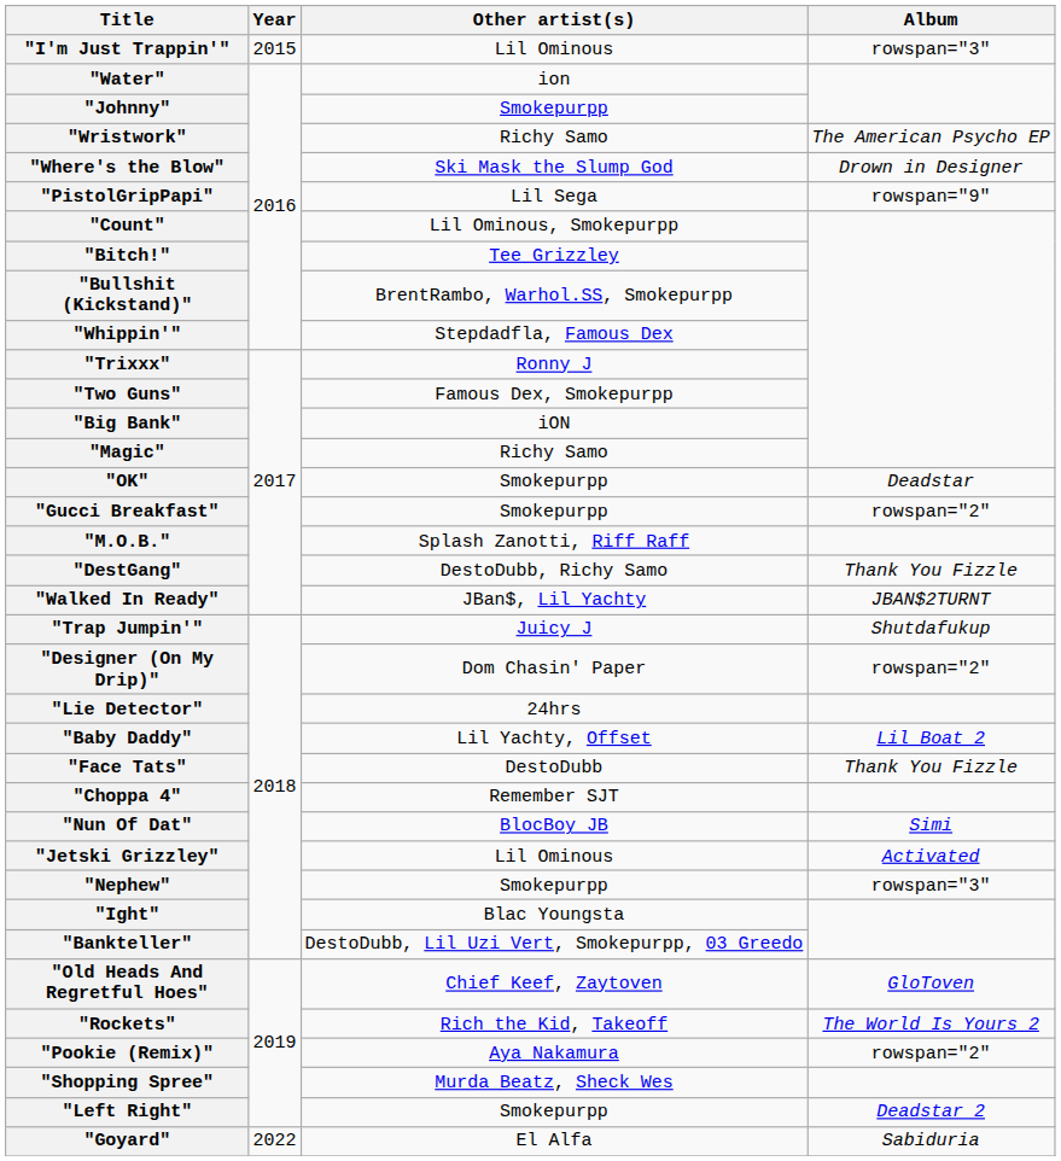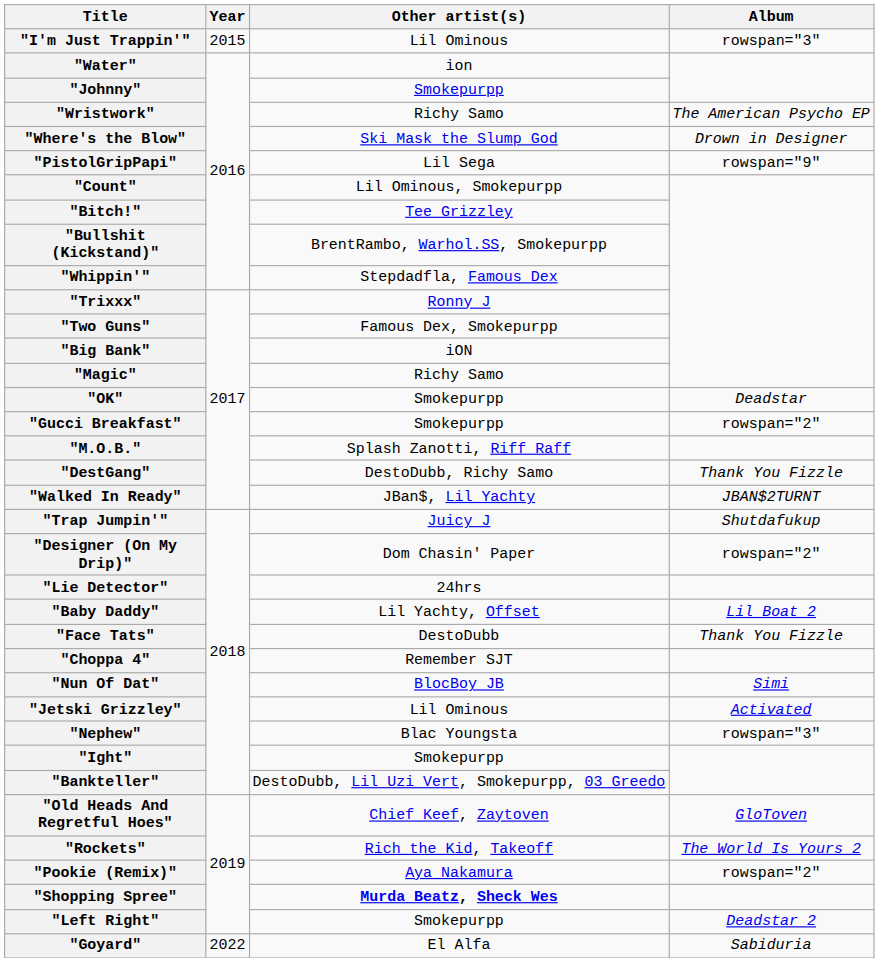 <table class="wikitable plainrowheaders" style="text-align:center;">
 <tr>
 <th scope="col" style="width:13em;">Title</th>
 <th scope="col">Year</th>
 <th scope="col">Other artist(s)</th>
 <th scope="col">Album</th>
 </tr>
 <tr>
 <th scope="row">"I'm Just Trappin'"</th>
 <td>2015</td>
 <td>Lil Ominous</td>
 <td>rowspan="3" </td>
 </tr>
 <tr>
 <th scope="row">"Water"</th>
 <td rowspan="9">2016</td>
 <td>ion</td>
 </tr>
 <tr>
 <th scope="row">"Johnny"</th>
 <td><a href='#'>Smokepurpp</a></td>
 </tr>
 <tr>
 <th scope="row">"Wristwork"</th>
 <td>Richy Samo</td>
 <td><em>The American Psycho EP</em></td>
 </tr>
 <tr>
 <th scope="row">"Where's the Blow"</th>
 <td><a href='#'>Ski Mask the Slump God</a></td>
 <td><em>Drown in Designer</em></td>
 </tr>
 <tr>
 <th scope="row">"PistolGripPapi"</th>
 <td>Lil Sega</td>
 <td>rowspan="9" </td>
 </tr>
 <tr>
 <th scope="row">"Count"</th>
 <td>Lil Ominous, Smokepurpp</td>
 </tr>
 <tr>
 <th scope="row">"Bitch!"</th>
 <td><a href='#'>Tee Grizzley</a></td>
 </tr>
 <tr>
 <th scope="row">"Bullshit (Kickstand)"</th>
 <td>BrentRambo, <a href='#'>Warhol.SS</a>, Smokepurpp</td>
 </tr>
 <tr>
 <th scope="row">"Whippin'"</th>
 <td>Stepdadfla, <a href='#'>Famous Dex</a></td>
 </tr>
 <tr>
 <th scope="row">"Trixxx"</th>
 <td rowspan="9">2017</td>
 <td><a href='#'>Ronny J</a></td>
 </tr>
 <tr>
 <th scope="row">"Two Guns"</th>
 <td>Famous Dex, Smokepurpp</td>
 </tr>
 <tr>
 <th scope="row">"Big Bank"</th>
 <td>iON</td>
 </tr>
 <tr>
 <th scope="row">"Magic"</th>
 <td>Richy Samo</td>
 </tr>
 <tr>
 <th scope="row">"OK"</th>
 <td>Smokepurpp</td>
 <td><em>Deadstar</em></td>
 </tr>
 <tr>
 <th scope="row">"Gucci Breakfast"</th>
 <td>Smokepurpp</td>
 <td>rowspan="2" </td>
 </tr>
 <tr>
 <th scope="row">"M.O.B."</th>
 <td>Splash Zanotti, <a href='#'>Riff Raff</a></td>
 </tr>
 <tr>
 <th scope="row">"DestGang"</th>
 <td>DestoDubb, Richy Samo</td>
 <td><em>Thank You Fizzle</em></td>
 </tr>
 <tr>
 <th scope="row">"Walked In Ready"</th>
 <td>JBan$, <a href='#'>Lil Yachty</a></td>
 <td><em>JBAN$2TURNT</em></td>
 </tr>
 <tr>
 <th scope="row">"Trap Jumpin'"</th>
 <td rowspan="11">2018</td>
 <td><a href='#'>Juicy J</a></td>
 <td><em>Shutdafukup</em></td>
 </tr>
 <tr>
 <th scope="row">"Designer (On My Drip)"</th>
 <td>Dom Chasin' Paper</td>
 <td>rowspan="2" </td>
 </tr>
 <tr>
 <th scope="row">"Lie Detector"</th>
 <td>24hrs</td>
 </tr>
 <tr>
 <th scope="row">"Baby Daddy"</th>
 <td>Lil Yachty, <a href='#'>Offset</a></td>
 <td><em><a href='#'>Lil Boat 2</a></em></td>
 </tr>
 <tr>
 <th scope="row">"Face Tats"</th>
 <td>DestoDubb</td>
 <td><em>Thank You Fizzle</em></td>
 </tr>
 <tr>
 <th scope="row">"Choppa 4"</th>
 <td>Remember SJT</td>
 <td></td>
 </tr>
 <tr>
 <th scope="row">"Nun Of Dat"</th>
 <td><a href='#'>BlocBoy JB</a></td>
 <td><em><a href='#'>Simi</a></em></td>
 </tr>
 <tr>
 <th scope="row">"Jetski Grizzley"</th>
 <td>Lil Ominous</td>
 <td><em><a href='#'>Activated</a></em></td>
 </tr>
 <tr>
 <th scope="row">"Nephew"</th>
-<td>Smokepurpp</td>
+<td>Blac Youngsta</td>
 <td>rowspan="3" </td>
 </tr>
 <tr>
 <th scope="row">"Ight"</th>
-<td>Blac Youngsta</td>
+<td>Smokepurpp</td>
 </tr>
 <tr>
 <th scope="row">"Bankteller"</th>
 <td>DestoDubb, <a href='#'>Lil Uzi Vert</a>, Smokepurpp, <a href='#'>03 Greedo</a></td>
 </tr>
 <tr>
 <th scope="row">"Old Heads And Regretful Hoes"</th>
 <td rowspan="5">2019</td>
 <td><a href='#'>Chief Keef</a>, <a href='#'>Zaytoven</a></td>
 <td><em><a href='#'>GloToven</a></em></td>
 </tr>
 <tr>
 <th scope="row">"Rockets"</th>
 <td><a href='#'>Rich the Kid</a>, <a href='#'>Takeoff</a></td>
 <td><em><a href='#'>The World Is Yours 2</a></em></td>
 </tr>
 <tr>
 <th scope="row">"Pookie (Remix)"</th>
 <td><a href='#'>Aya Nakamura</a></td>
 <td>rowspan="2" </td>
 </tr>
 <tr>
 <th scope="row">"Shopping Spree"</th>
-<td><a href='#'>Murda Beatz</a>, <a href='#'>Sheck Wes</a></td>
+<td><strong><a href='#'>Murda Beatz</a>, <a href='#'>Sheck Wes</a></strong></td>
 </tr>
 <tr>
 <th scope="row">"Left Right"</th>
 <td>Smokepurpp</td>
 <td><em><a href='#'>Deadstar 2</a></em></td>
 </tr>
 <tr>
 <th scope="row">"Goyard"</th>
 <td>2022</td>
 <td>El Alfa</td>
 <td><em>Sabiduria</em></td>
 </tr>
 </table>
